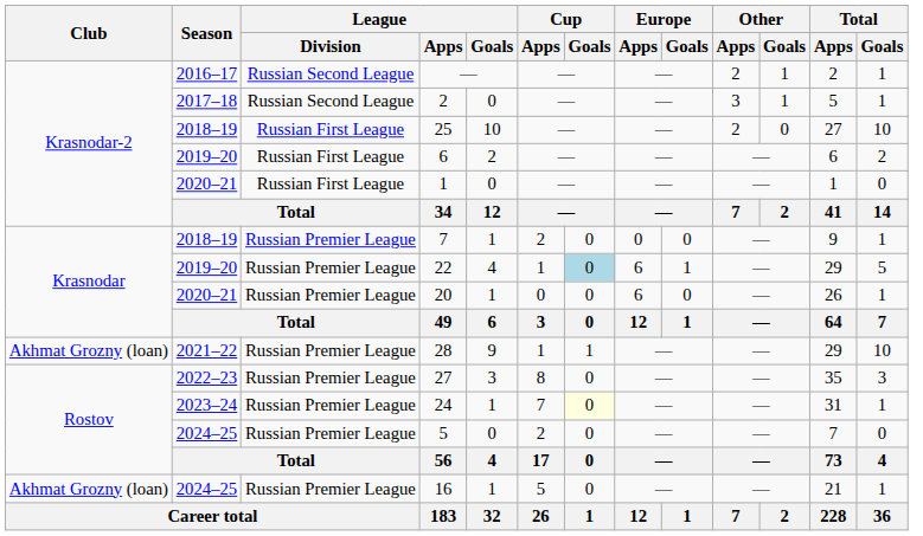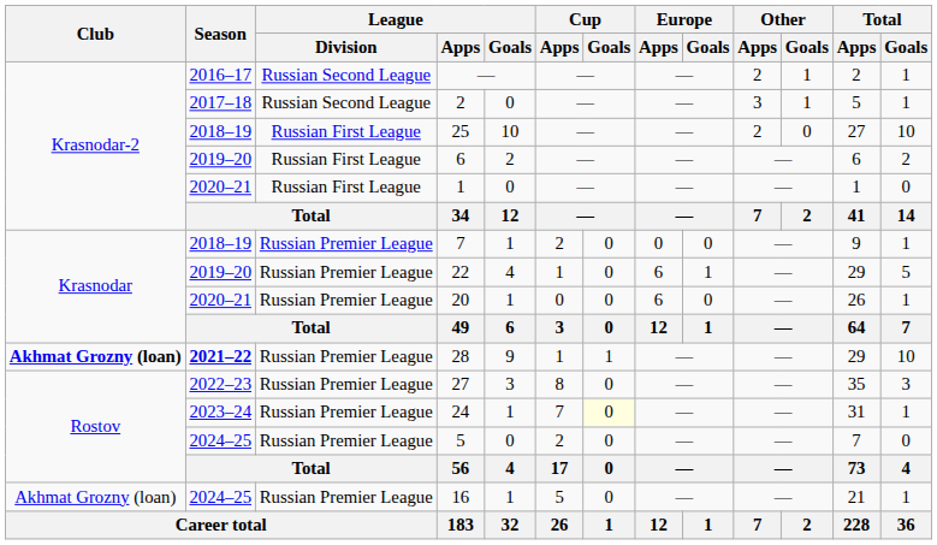 <table class="wikitable" style="text-align: center;">
 <tr>
 <th rowspan="2">Club</th>
 <th rowspan="2">Season</th>
 <th colspan="3">League</th>
 <th colspan="2">Cup</th>
 <th colspan="2">Europe</th>
 <th colspan="2">Other</th>
 <th colspan="2">Total</th>
 </tr>
 <tr>
 <th>Division</th>
 <th>Apps</th>
 <th>Goals</th>
 <th>Apps</th>
 <th>Goals</th>
 <th>Apps</th>
 <th>Goals</th>
 <th>Apps</th>
 <th>Goals</th>
 <th>Apps</th>
 <th>Goals</th>
 </tr>
 <tr>
 <td rowspan="6"><a href='#'>Krasnodar-2</a></td>
 <td><a href='#'>2016–17</a></td>
 <td><a href='#'>Russian Second League</a></td>
 <td colspan="2">—</td>
 <td colspan="2">—</td>
 <td colspan="2">—</td>
 <td>2</td>
 <td>1</td>
 <td>2</td>
 <td>1</td>
 </tr>
 <tr>
 <td><a href='#'>2017–18</a></td>
 <td>Russian Second League</td>
 <td>2</td>
 <td>0</td>
 <td colspan="2">—</td>
 <td colspan="2">—</td>
 <td>3</td>
 <td>1</td>
 <td>5</td>
 <td>1</td>
 </tr>
 <tr>
 <td><a href='#'>2018–19</a></td>
 <td><a href='#'>Russian First League</a></td>
 <td>25</td>
 <td>10</td>
 <td colspan="2">—</td>
 <td colspan="2">—</td>
 <td>2</td>
 <td>0</td>
 <td>27</td>
 <td>10</td>
 </tr>
 <tr>
 <td><a href='#'>2019–20</a></td>
 <td>Russian First League</td>
 <td>6</td>
 <td>2</td>
 <td colspan="2">—</td>
 <td colspan="2">—</td>
 <td colspan="2">—</td>
 <td>6</td>
 <td>2</td>
 </tr>
 <tr>
 <td><a href='#'>2020–21</a></td>
 <td>Russian First League</td>
 <td>1</td>
 <td>0</td>
 <td colspan="2">—</td>
 <td colspan="2">—</td>
 <td colspan="2">—</td>
 <td>1</td>
 <td>0</td>
 </tr>
 <tr>
 <th colspan="2">Total</th>
 <th>34</th>
 <th>12</th>
 <th colspan="2">—</th>
 <th colspan="2">—</th>
 <th>7</th>
 <th>2</th>
 <th>41</th>
 <th>14</th>
 </tr>
 <tr>
 <td rowspan="4"><a href='#'>Krasnodar</a></td>
 <td><a href='#'>2018–19</a></td>
 <td><a href='#'>Russian Premier League</a></td>
 <td>7</td>
 <td>1</td>
 <td>2</td>
 <td>0</td>
 <td>0</td>
 <td>0</td>
 <td colspan="2">—</td>
 <td>9</td>
 <td>1</td>
 </tr>
 <tr>
 <td><a href='#'>2019–20</a></td>
 <td>Russian Premier League</td>
 <td>22</td>
 <td>4</td>
 <td>1</td>
-<td style="background: lightblue;">0</td>
+<td>0</td>
 <td>6</td>
 <td>1</td>
 <td colspan="2">—</td>
 <td>29</td>
 <td>5</td>
 </tr>
 <tr>
 <td><a href='#'>2020–21</a></td>
 <td>Russian Premier League</td>
 <td>20</td>
 <td>1</td>
 <td>0</td>
 <td>0</td>
 <td>6</td>
 <td>0</td>
 <td colspan="2">—</td>
 <td>26</td>
 <td>1</td>
 </tr>
 <tr>
 <th colspan="2">Total</th>
 <th>49</th>
 <th>6</th>
 <th>3</th>
 <th>0</th>
 <th>12</th>
 <th>1</th>
 <th colspan="2">—</th>
 <th>64</th>
 <th>7</th>
 </tr>
 <tr>
-<td><a href='#'>Akhmat Grozny</a> (loan)</td>
-<td><a href='#'>2021–22</a></td>
+<td><strong><a href='#'>Akhmat Grozny</a> (loan)</strong></td>
+<td><strong><a href='#'>2021–22</a></strong></td>
 <td>Russian Premier League</td>
 <td>28</td>
 <td>9</td>
 <td>1</td>
 <td>1</td>
 <td colspan="2">—</td>
 <td colspan="2">—</td>
 <td>29</td>
 <td>10</td>
 </tr>
 <tr>
 <td rowspan="4"><a href='#'>Rostov</a></td>
 <td><a href='#'>2022–23</a></td>
 <td>Russian Premier League</td>
 <td>27</td>
 <td>3</td>
 <td>8</td>
 <td>0</td>
 <td colspan="2">—</td>
 <td colspan="2">—</td>
 <td>35</td>
 <td>3</td>
 </tr>
 <tr>
 <td><a href='#'>2023–24</a></td>
 <td>Russian Premier League</td>
 <td>24</td>
 <td>1</td>
 <td>7</td>
 <td style="background: lightyellow;">0</td>
 <td colspan="2">—</td>
 <td colspan="2">—</td>
 <td>31</td>
 <td>1</td>
 </tr>
 <tr>
 <td><a href='#'>2024–25</a></td>
 <td>Russian Premier League</td>
 <td>5</td>
 <td>0</td>
 <td>2</td>
 <td>0</td>
 <td colspan="2">—</td>
 <td colspan="2">—</td>
 <td>7</td>
 <td>0</td>
 </tr>
 <tr>
 <th colspan="2">Total</th>
 <th>56</th>
 <th>4</th>
 <th>17</th>
 <th>0</th>
 <th colspan="2">—</th>
 <th colspan="2">—</th>
 <th>73</th>
 <th>4</th>
 </tr>
 <tr>
 <td><a href='#'>Akhmat Grozny</a> (loan)</td>
 <td><a href='#'>2024–25</a></td>
 <td>Russian Premier League</td>
 <td>16</td>
 <td>1</td>
 <td>5</td>
 <td>0</td>
 <td colspan="2">—</td>
 <td colspan="2">—</td>
 <td>21</td>
 <td>1</td>
 </tr>
 <tr>
 <th colspan="3">Career total</th>
 <th>183</th>
 <th>32</th>
 <th>26</th>
 <th>1</th>
 <th>12</th>
 <th>1</th>
 <th>7</th>
 <th>2</th>
 <th>228</th>
 <th>36</th>
 </tr>
 </table>
